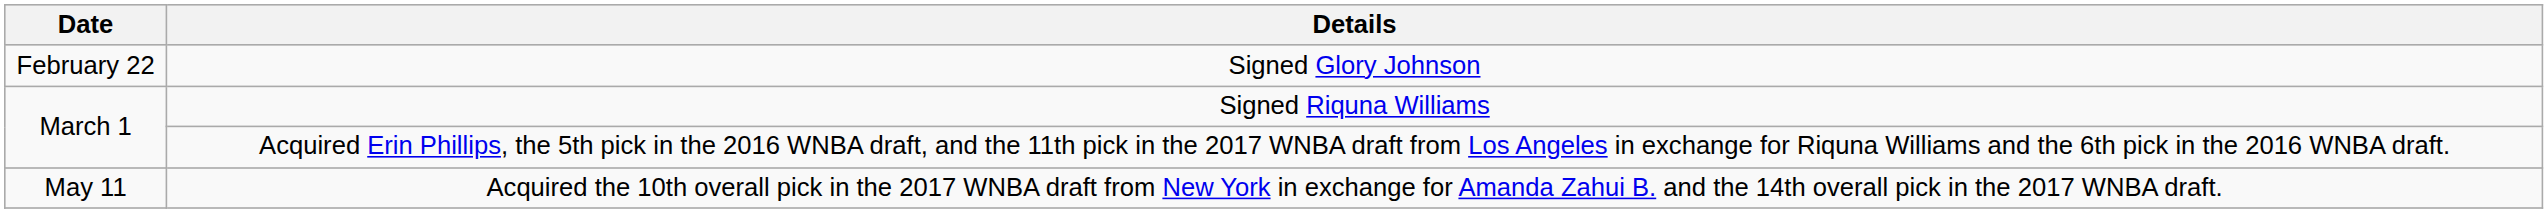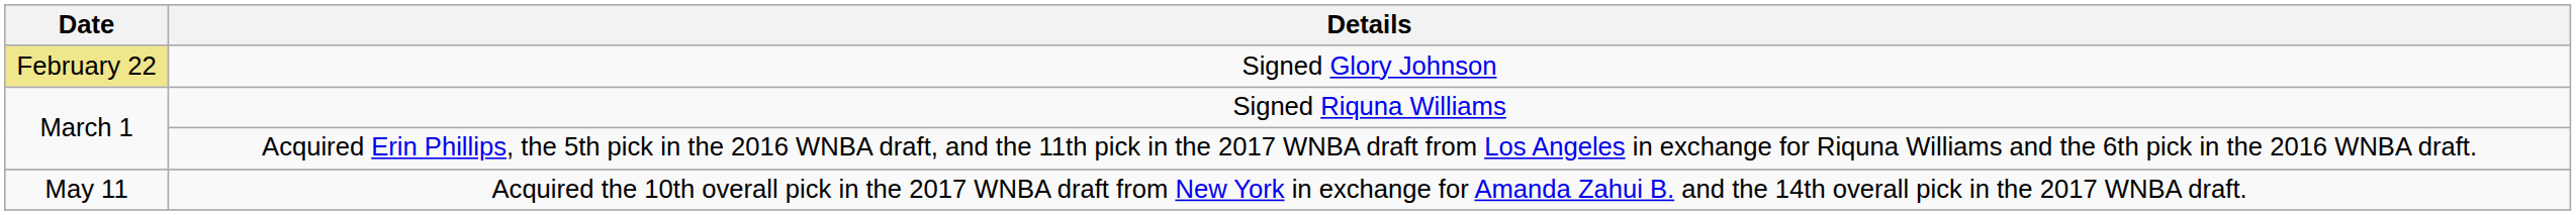 <table class="wikitable" style="width:80%; text-align: center">
 <tr>
 <th>Date</th>
 <th>Details</th>
 </tr>
 <tr>
-<td>February 22</td>
+<td style="background: khaki;">February 22</td>
 <td>Signed <a href='#'>Glory Johnson</a></td>
 </tr>
 <tr>
 <td rowspan=2>March 1</td>
 <td>Signed <a href='#'>Riquna Williams</a></td>
 </tr>
 <tr>
 <td>Acquired <a href='#'>Erin Phillips</a>, the 5th pick in the 2016 WNBA draft, and the 11th pick in the 2017 WNBA draft from <a href='#'>Los Angeles</a> in exchange for Riquna Williams and the 6th pick in the 2016 WNBA draft.</td>
 </tr>
 <tr>
 <td>May 11</td>
 <td>Acquired the 10th overall pick in the 2017 WNBA draft from <a href='#'>New York</a> in exchange for <a href='#'>Amanda Zahui B.</a> and the 14th overall pick in the 2017 WNBA draft.</td>
 </tr>
 </table>
